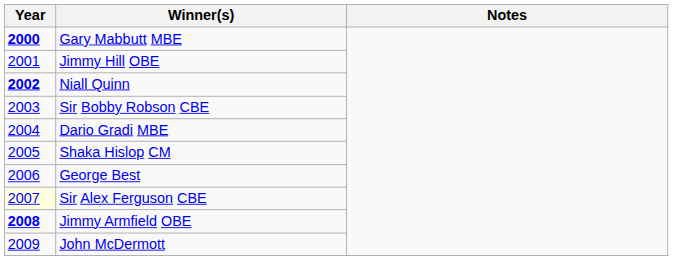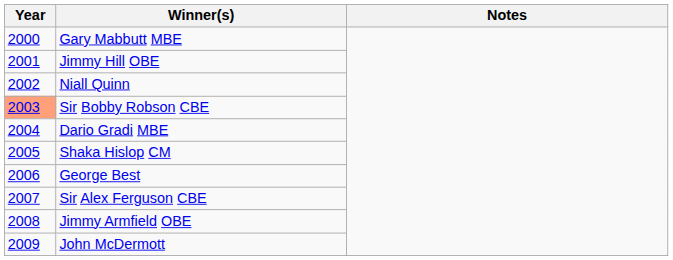 <table class="wikitable">
 <tr>
 <th>Year</th>
 <th>Winner(s)</th>
 <th width="350px">Notes</th>
 </tr>
 <tr>
-<td width="50px"><strong><a href='#'>2000</a></strong></td>
+<td width="50px"><a href='#'>2000</a></td>
 <td width="315px"> <a href='#'>Gary Mabbutt</a> <a href='#'>MBE</a></td>
 </tr>
 <tr>
 <td width="50px"><a href='#'>2001</a></td>
 <td width="315px"> <a href='#'>Jimmy Hill</a> <a href='#'>OBE</a></td>
 </tr>
 <tr>
-<td width="50px"><strong><a href='#'>2002</a></strong></td>
+<td width="50px"><a href='#'>2002</a></td>
 <td width="315px"> <a href='#'>Niall Quinn</a></td>
 </tr>
 <tr>
-<td width="50px"><a href='#'>2003</a></td>
+<td width="50px" style="background: lightsalmon;"><a href='#'>2003</a></td>
 <td width="315px"> <a href='#'>Sir</a> <a href='#'>Bobby Robson</a> <a href='#'>CBE</a></td>
 </tr>
 <tr>
 <td width="50px"><a href='#'>2004</a></td>
 <td width="315px"> <a href='#'>Dario Gradi</a> <a href='#'>MBE</a></td>
 </tr>
 <tr>
 <td width="50px"><a href='#'>2005</a></td>
 <td width="315px"> <a href='#'>Shaka Hislop</a> <a href='#'>CM</a></td>
 </tr>
 <tr>
 <td width="50px"><a href='#'>2006</a></td>
 <td width="315px"> <a href='#'>George Best</a></td>
 </tr>
 <tr>
-<td width="50px" style="background: lightyellow;"><a href='#'>2007</a></td>
+<td width="50px"><a href='#'>2007</a></td>
 <td width="315px"> <a href='#'>Sir</a> <a href='#'>Alex Ferguson</a> <a href='#'>CBE</a></td>
 </tr>
 <tr>
-<td width="50px"><strong><a href='#'>2008</a></strong></td>
+<td width="50px"><a href='#'>2008</a></td>
 <td width="315px"> <a href='#'>Jimmy Armfield</a> <a href='#'>OBE</a></td>
 </tr>
 <tr>
 <td width="50px"><a href='#'>2009</a></td>
 <td width="315px"> <a href='#'>John McDermott</a></td>
 </tr>
 </table>
